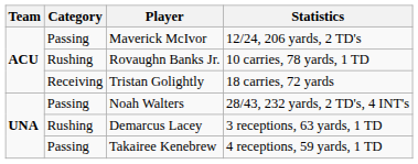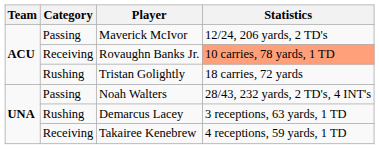 <table class="wikitable" style="float: right;">
 <tr>
 <th>Team</th>
 <th>Category</th>
 <th>Player</th>
 <th>Statistics</th>
 </tr>
 <tr>
 <td rowspan=3><strong>ACU</strong></td>
 <td>Passing</td>
 <td>Maverick McIvor</td>
 <td>12/24, 206 yards, 2 TD's</td>
 </tr>
 <tr>
-<td>Rushing</td>
+<td>Receiving</td>
 <td>Rovaughn Banks Jr.</td>
-<td>10 carries, 78 yards, 1 TD</td>
+<td style="background: lightsalmon;">10 carries, 78 yards, 1 TD</td>
 </tr>
 <tr>
-<td>Receiving</td>
+<td>Rushing</td>
 <td>Tristan Golightly</td>
 <td>18 carries, 72 yards</td>
 </tr>
 <tr>
 <td rowspan=3><strong>UNA</strong></td>
 <td>Passing</td>
 <td>Noah Walters</td>
 <td>28/43, 232 yards, 2 TD's, 4 INT's</td>
 </tr>
 <tr>
 <td>Rushing</td>
 <td>Demarcus Lacey</td>
 <td>3 receptions, 63 yards, 1 TD</td>
 </tr>
 <tr>
-<td>Passing</td>
+<td>Receiving</td>
 <td>Takairee Kenebrew</td>
 <td>4 receptions, 59 yards, 1 TD</td>
 </tr>
 </table>
